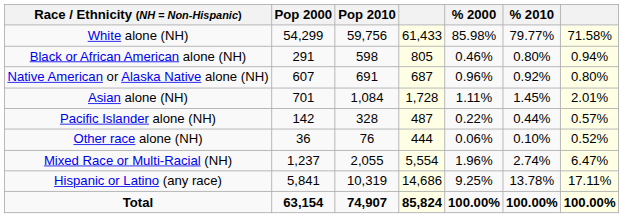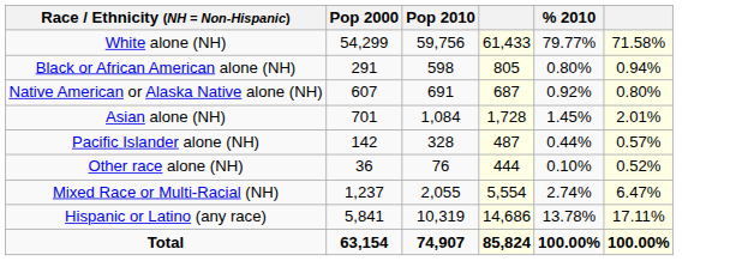 <table class="wikitable" style="text-align:center;">
 <tr>
 <th>Race / Ethnicity <small>(<em>NH = Non-Hispanic</em>)</small></th>
 <th>Pop 2000</th>
 <th>Pop 2010</th>
 <th></th>
-<th>% 2000</th>
 <th>% 2010</th>
 <th></th>
 </tr>
 <tr>
 <td><a href='#'>White</a> alone (NH)</td>
 <td>54,299</td>
 <td>59,756</td>
 <td style='background: #ffffe6;'>61,433</td>
-<td>85.98%</td>
 <td>79.77%</td>
 <td style='background: #ffffe6;'>71.58%</td>
 </tr>
 <tr>
 <td><a href='#'>Black or African American</a> alone (NH)</td>
 <td>291</td>
 <td>598</td>
 <td style='background: #ffffe6;'>805</td>
-<td>0.46%</td>
 <td>0.80%</td>
 <td style='background: #ffffe6;'>0.94%</td>
 </tr>
 <tr>
 <td><a href='#'>Native American</a> or <a href='#'>Alaska Native</a> alone (NH)</td>
 <td>607</td>
 <td>691</td>
 <td style='background: #ffffe6;'>687</td>
-<td>0.96%</td>
 <td>0.92%</td>
 <td style='background: #ffffe6;'>0.80%</td>
 </tr>
 <tr>
 <td><a href='#'>Asian</a> alone (NH)</td>
 <td>701</td>
 <td>1,084</td>
 <td style='background: #ffffe6;'>1,728</td>
-<td>1.11%</td>
 <td>1.45%</td>
 <td style='background: #ffffe6;'>2.01%</td>
 </tr>
 <tr>
 <td><a href='#'>Pacific Islander</a> alone (NH)</td>
 <td>142</td>
 <td>328</td>
 <td style='background: #ffffe6;'>487</td>
-<td>0.22%</td>
 <td>0.44%</td>
 <td style='background: #ffffe6;'>0.57%</td>
 </tr>
 <tr>
 <td><a href='#'>Other race</a> alone (NH)</td>
 <td>36</td>
 <td>76</td>
 <td style='background: #ffffe6;'>444</td>
-<td>0.06%</td>
 <td>0.10%</td>
 <td style='background: #ffffe6;'>0.52%</td>
 </tr>
 <tr>
 <td><a href='#'>Mixed Race or Multi-Racial</a> (NH)</td>
 <td>1,237</td>
 <td>2,055</td>
 <td style='background: #ffffe6;'>5,554</td>
-<td>1.96%</td>
 <td>2.74%</td>
 <td style='background: #ffffe6;'>6.47%</td>
 </tr>
 <tr>
 <td><a href='#'>Hispanic or Latino</a> (any race)</td>
 <td>5,841</td>
 <td>10,319</td>
 <td style='background: #ffffe6;'>14,686</td>
-<td>9.25%</td>
 <td>13.78%</td>
 <td style='background: #ffffe6;'>17.11%</td>
 </tr>
 <tr>
 <td><strong>Total</strong></td>
 <td><strong>63,154</strong></td>
 <td><strong>74,907</strong></td>
 <td style='background: #ffffe6;'><strong>85,824</strong></td>
 <td><strong>100.00%</strong></td>
-<td><strong>100.00%</strong></td>
 <td style='background: #ffffe6;'><strong>100.00%</strong></td>
 </tr>
 </table>
